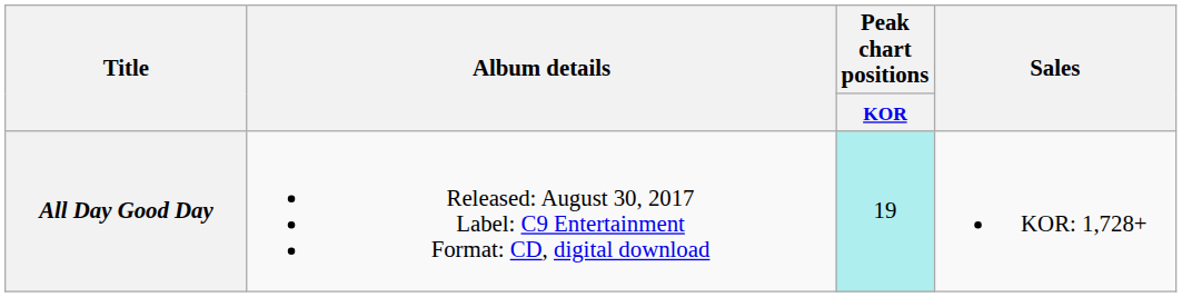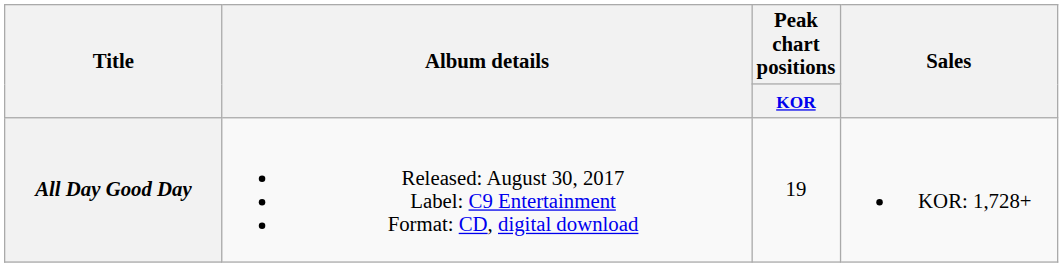 <table class="wikitable plainrowheaders" style="text-align:center;">
 <tr>
 <th scope="col" rowspan="2" style="width:10em;">Title</th>
 <th scope="col" rowspan="2" style="width:25em;">Album details</th>
 <th scope="col">Peak <br> chart <br> positions</th>
 <th scope="col" rowspan="2" style="width:10em;">Sales</th>
 </tr>
 <tr>
 <th><small><a href='#'>KOR</a></small><br></th>
 </tr>
 <tr>
 <th scope="row"><em>All Day Good Day</em></th>
 <td><br><ul><li>Released: August 30, 2017</li><li>Label: <a href='#'>C9 Entertainment</a></li><li>Format: <a href='#'>CD</a>, <a href='#'>digital download</a></li></ul></td>
-<td style="background: paleturquoise;">19</td>
+<td>19</td>
 <td><br><ul><li>KOR: 1,728+</li></ul></td>
 </tr>
 </table>
